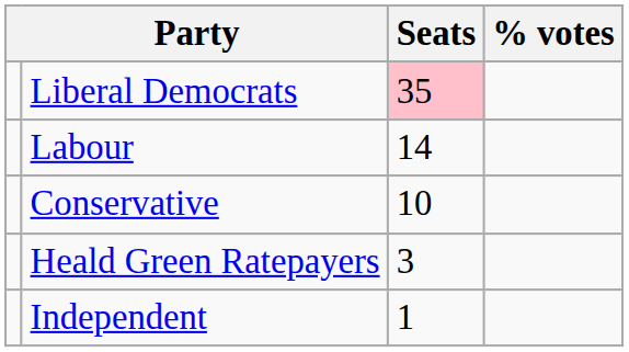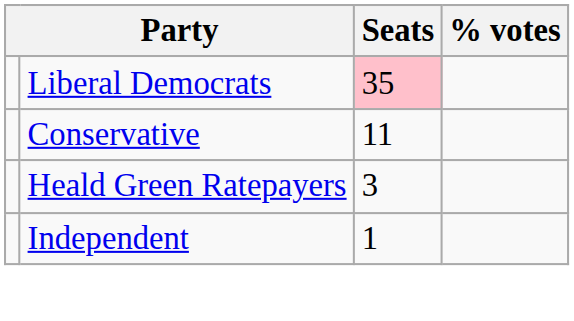 <table class="wikitable">
 <tr>
 <th colspan="2">Party</th>
 <th>Seats</th>
 <th>% votes</th>
 </tr>
 <tr>
 <td style="background-color: "></td>
 <td><a href='#'>Liberal Democrats</a></td>
 <td style="background: pink;">35</td>
 <td></td>
 </tr>
 <tr>
 <td style="background-color: "></td>
-<td><a href='#'>Labour</a></td>
-<td>14</td>
-<td></td>
-</tr>
-<tr>
-<td style="background-color: "></td>
 <td><a href='#'>Conservative</a></td>
-<td>10</td>
+<td>11</td>
 <td></td>
 </tr>
 <tr>
 <td style="background-color: "></td>
 <td><a href='#'>Heald Green Ratepayers</a></td>
 <td>3</td>
 <td></td>
 </tr>
 <tr>
 <td style="background-color: "></td>
 <td><a href='#'>Independent</a></td>
 <td>1</td>
 <td></td>
 </tr>
 </table>
